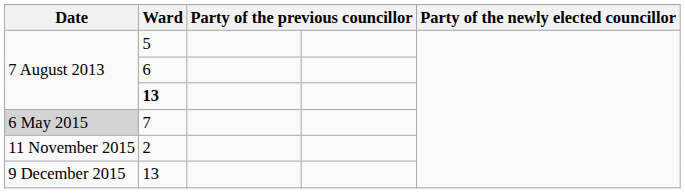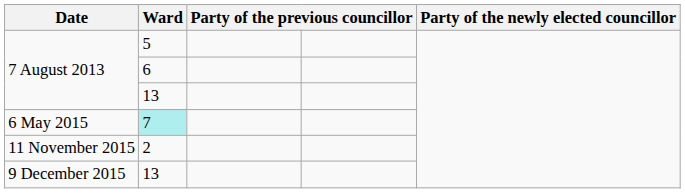 <table class="wikitable">
 <tr>
 <th>Date</th>
 <th>Ward</th>
 <th colspan=2>Party of the previous councillor</th>
 <th colspan=2>Party of the newly elected councillor</th>
 </tr>
 <tr>
 <td rowspan=3>7 August 2013</td>
 <td>5</td>
 <td></td>
 <td></td>
 </tr>
 <tr>
 <td>6</td>
 <td></td>
 <td></td>
 </tr>
 <tr>
-<td><strong>13</strong></td>
+<td>13</td>
 <td></td>
 <td></td>
 </tr>
 <tr>
-<td style="background: lightgrey;">6 May 2015</td>
-<td>7</td>
+<td>6 May 2015</td>
+<td style="background: paleturquoise;">7</td>
 <td></td>
 <td></td>
 </tr>
 <tr>
 <td>11 November 2015</td>
 <td>2</td>
 <td></td>
 <td></td>
 </tr>
 <tr>
 <td>9 December 2015</td>
 <td>13</td>
 <td></td>
 <td></td>
 </tr>
 </table>
